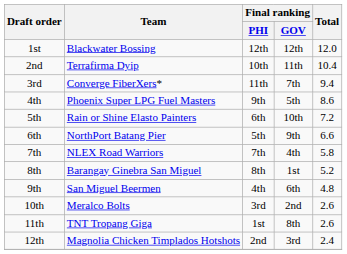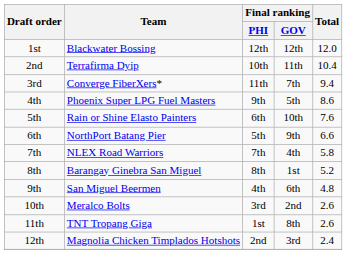 <table class=wikitable style="text-align:center;">
 <tr>
 <th rowspan=2>Draft order</th>
 <th rowspan=2>Team</th>
 <th colspan=2>Final ranking</th>
 <th rowspan=2>Total</th>
 </tr>
 <tr>
 <th><a href='#'>PHI</a></th>
 <th><a href='#'>GOV</a></th>
 </tr>
 <tr>
 <td>1st</td>
 <td align="left"><a href='#'>Blackwater Bossing</a></td>
 <td>12th</td>
 <td>12th</td>
 <td>12.0</td>
 </tr>
 <tr>
 <td>2nd</td>
 <td align="left"><a href='#'>Terrafirma Dyip</a></td>
 <td>10th</td>
 <td>11th</td>
 <td>10.4</td>
 </tr>
 <tr>
 <td>3rd</td>
 <td align="left"><a href='#'>Converge FiberXers</a>*</td>
 <td>11th</td>
 <td>7th</td>
 <td>9.4</td>
 </tr>
 <tr>
 <td>4th</td>
 <td align="left"><a href='#'>Phoenix Super LPG Fuel Masters</a></td>
 <td>9th</td>
 <td>5th</td>
 <td>8.6</td>
 </tr>
 <tr>
 <td>5th</td>
 <td align="left"><a href='#'>Rain or Shine Elasto Painters</a></td>
 <td>6th</td>
 <td>10th</td>
-<td>7.2</td>
+<td>7.6</td>
 </tr>
 <tr>
 <td>6th</td>
 <td align="left"><a href='#'>NorthPort Batang Pier</a></td>
 <td>5th</td>
 <td>9th</td>
 <td>6.6</td>
 </tr>
 <tr>
 <td>7th</td>
 <td align="left"><a href='#'>NLEX Road Warriors</a></td>
 <td>7th</td>
 <td>4th</td>
 <td>5.8</td>
 </tr>
 <tr>
 <td>8th</td>
 <td align="left"><a href='#'>Barangay Ginebra San Miguel</a></td>
 <td>8th</td>
 <td>1st</td>
 <td>5.2</td>
 </tr>
 <tr>
 <td>9th</td>
 <td align="left"><a href='#'>San Miguel Beermen</a></td>
 <td>4th</td>
 <td>6th</td>
 <td>4.8</td>
 </tr>
 <tr>
 <td>10th</td>
 <td align="left"><a href='#'>Meralco Bolts</a></td>
 <td>3rd</td>
 <td>2nd</td>
 <td>2.6</td>
 </tr>
 <tr>
 <td>11th</td>
 <td align="left"><a href='#'>TNT Tropang Giga</a></td>
 <td>1st</td>
 <td>8th</td>
 <td>2.6</td>
 </tr>
 <tr>
 <td>12th</td>
 <td align="left"><a href='#'>Magnolia Chicken Timplados Hotshots</a></td>
 <td>2nd</td>
 <td>3rd</td>
 <td>2.4</td>
 </tr>
 <tr>
 </tr>
 </table>
